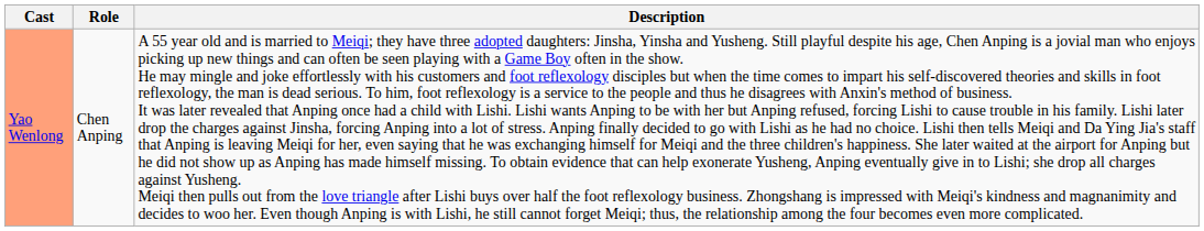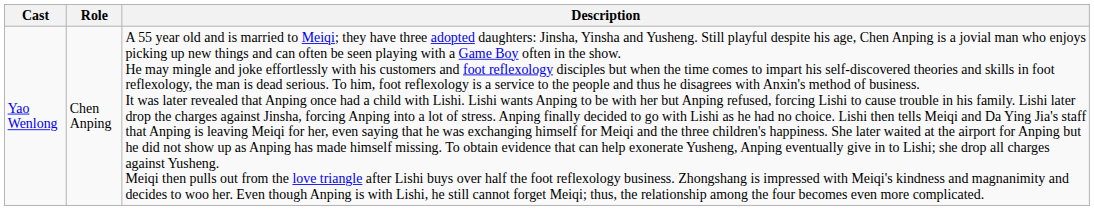 <table class="wikitable">
 <tr>
 <th>Cast</th>
 <th>Role</th>
 <th>Description</th>
 </tr>
 <tr>
-<td style="background: lightsalmon;"><a href='#'>Yao Wenlong</a></td>
+<td><a href='#'>Yao Wenlong</a></td>
 <td>Chen Anping</td>
 <td>A 55 year old and is married to <a href='#'>Meiqi</a>; they have three <a href='#'>adopted</a> daughters: Jinsha, Yinsha and Yusheng. Still playful despite his age, Chen Anping is a jovial man who enjoys picking up new things and can often be seen playing with a <a href='#'>Game Boy</a> often in the show.<br>He may mingle and joke effortlessly with his customers and <a href='#'>foot reflexology</a> disciples but when the time comes to impart his self-discovered theories and skills in foot reflexology, the man is dead serious. To him, foot reflexology is a service to the people and thus he disagrees with Anxin's method of business.<br>It was later revealed that Anping once had a child with Lishi. Lishi wants Anping to be with her but Anping refused, forcing Lishi to cause trouble in his family. Lishi later drop the charges against Jinsha, forcing Anping into a lot of stress. Anping finally decided to go with Lishi as he had no choice. Lishi then tells Meiqi and Da Ying Jia's staff that Anping is leaving Meiqi for her, even saying that he was exchanging himself for Meiqi and the three children's happiness. She later waited at the airport for Anping but he did not show up as Anping has made himself missing. To obtain evidence that can help exonerate Yusheng, Anping eventually give in to Lishi; she drop all charges against Yusheng.<br>Meiqi then pulls out from the <a href='#'>love triangle</a> after Lishi buys over half the foot reflexology business. Zhongshang is impressed with Meiqi's kindness and magnanimity and decides to woo her. Even though Anping is with Lishi, he still cannot forget Meiqi; thus, the relationship among the four becomes even more complicated.</td>
 </tr>
 </table>
